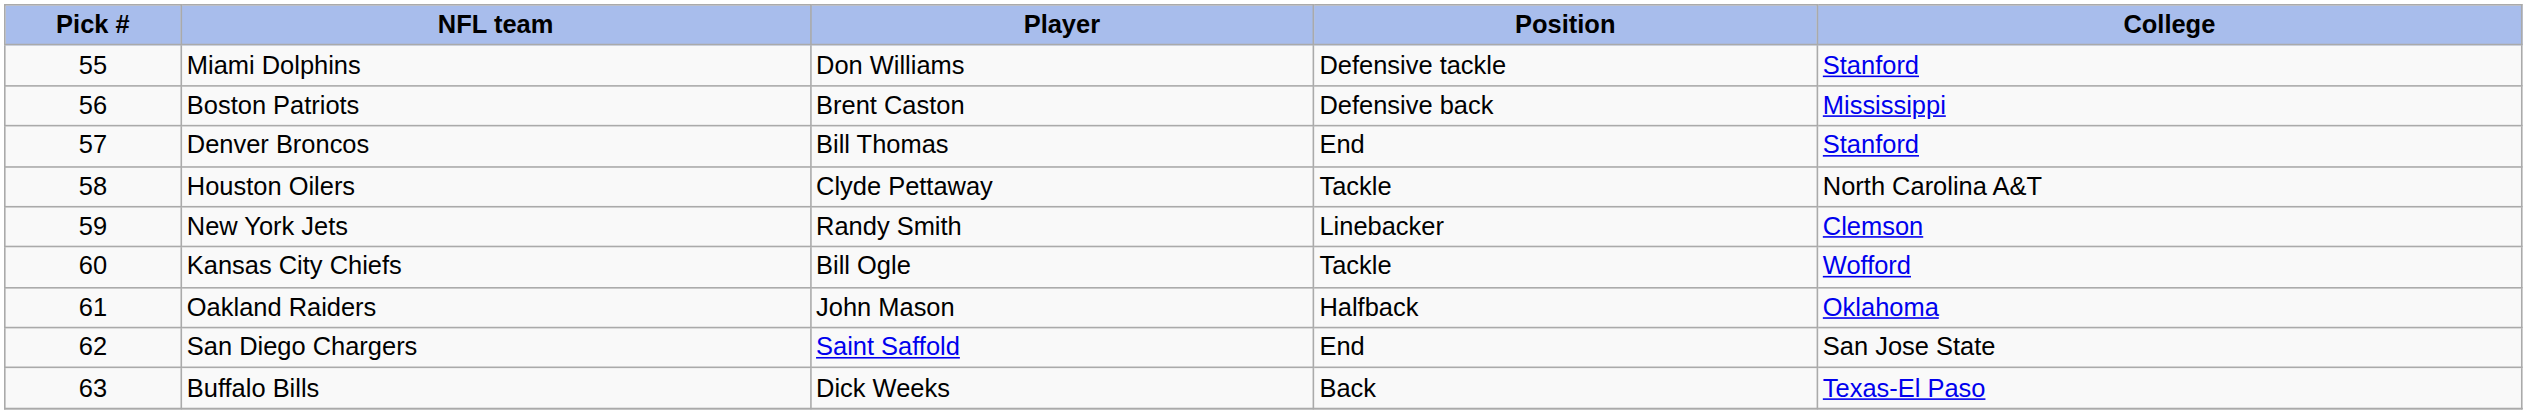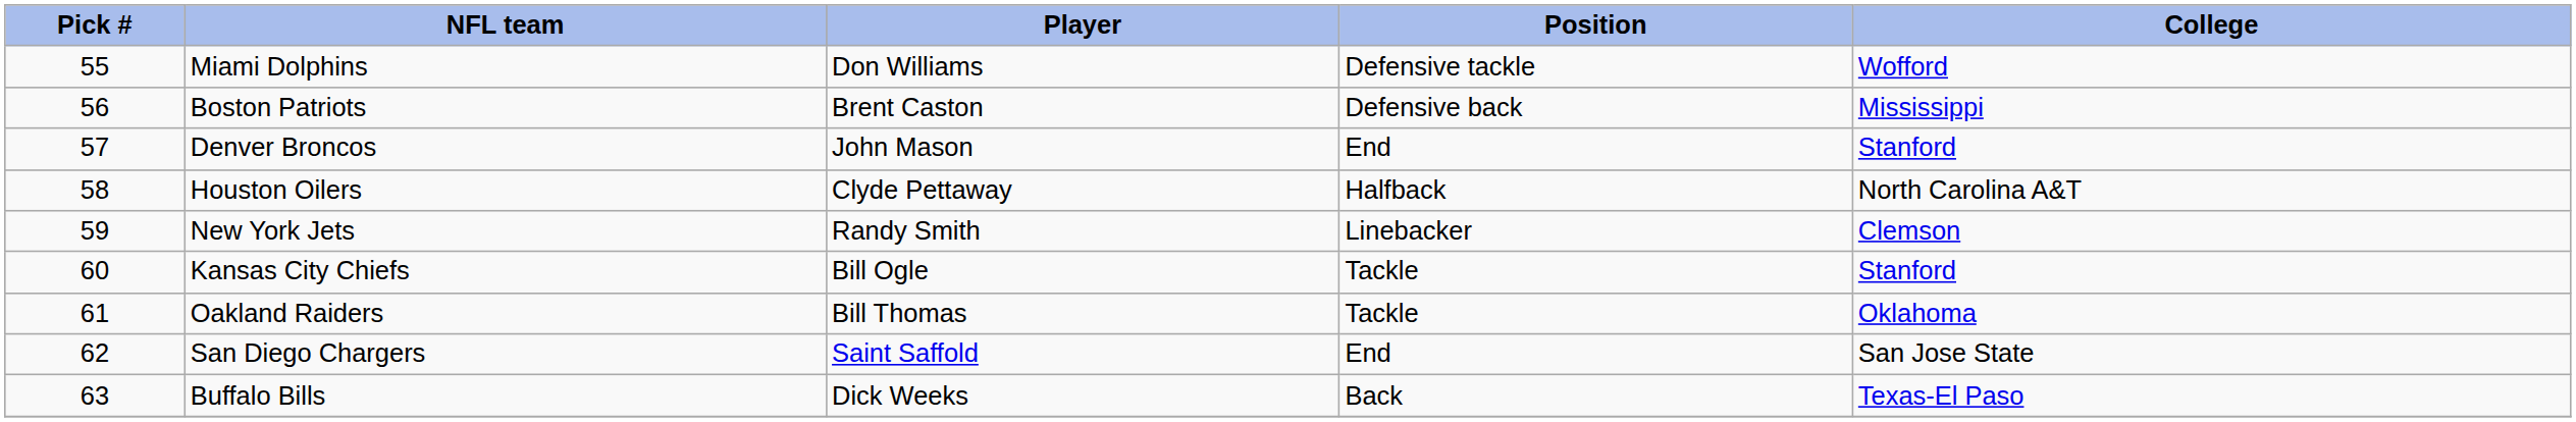 <table class="wikitable sortable sortable" style="width: 100%">
 <tr>
 <th style="background:#A8BDEC;" width=7%>Pick #</th>
 <th width=25% style="background:#A8BDEC;">NFL team</th>
 <th width=20% style="background:#A8BDEC;">Player</th>
 <th width=20% style="background:#A8BDEC;">Position</th>
 <th style="background:#A8BDEC;">College</th>
 </tr>
 <tr>
 <td align=center>55</td>
 <td>Miami Dolphins</td>
 <td Don Williams (American football)>Don Williams</td>
 <td>Defensive tackle</td>
-<td><a href='#'>Stanford</a></td>
+<td><a href='#'>Wofford</a></td>
 </tr>
 <tr>
 <td align=center>56</td>
 <td>Boston Patriots</td>
 <td>Brent Caston</td>
 <td>Defensive back</td>
 <td><a href='#'>Mississippi</a></td>
 </tr>
 <tr>
 <td align=center>57</td>
 <td>Denver Broncos</td>
-<td Bill Thomas (halfback)>Bill Thomas</td>
+<td John Mason (end)>John Mason</td>
 <td>End</td>
 <td><a href='#'>Stanford</a></td>
 </tr>
 <tr>
 <td align=center>58</td>
 <td>Houston Oilers</td>
 <td>Clyde Pettaway</td>
-<td>Tackle</td>
+<td>Halfback</td>
 <td>North Carolina A&T</td>
 </tr>
 <tr>
 <td align=center>59</td>
 <td>New York Jets</td>
 <td Randy Smith (American football)>Randy Smith</td>
 <td>Linebacker</td>
 <td><a href='#'>Clemson</a></td>
 </tr>
 <tr>
 <td align=center>60</td>
 <td>Kansas City Chiefs</td>
 <td>Bill Ogle</td>
 <td>Tackle</td>
-<td><a href='#'>Wofford</a></td>
+<td><a href='#'>Stanford</a></td>
 </tr>
 <tr>
 <td align=center>61</td>
 <td>Oakland Raiders</td>
-<td John Mason (end)>John Mason</td>
-<td>Halfback</td>
+<td Bill Thomas (halfback)>Bill Thomas</td>
+<td>Tackle</td>
 <td><a href='#'>Oklahoma</a></td>
 </tr>
 <tr>
 <td align=center>62</td>
 <td>San Diego Chargers</td>
 <td><a href='#'>Saint Saffold</a></td>
 <td>End</td>
 <td>San Jose State</td>
 </tr>
 <tr>
 <td align=center>63</td>
 <td>Buffalo Bills</td>
 <td>Dick Weeks</td>
 <td>Back</td>
 <td><a href='#'>Texas-El Paso</a></td>
 </tr>
 <tr>
 </tr>
 </table>
